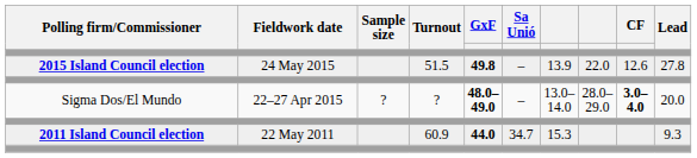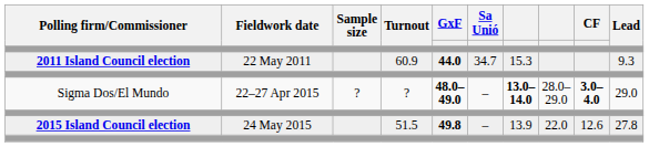 <table class="wikitable collapsible collapsed" style="text-align:center; font-size:95%; line-height:16px;">
 <tr style="height:42px;">
 <th style="width:250px;" rowspan="2">Polling firm/Commissioner</th>
 <th style="width:125px;" rowspan="2">Fieldwork date</th>
 <th style="width:50px;" rowspan="2">Sample size</th>
 <th style="width:45px;" rowspan="2">Turnout</th>
 <th style="width:35px;"><a href='#'>GxF</a></th>
 <th style="width:35px;"><a href='#'>Sa<br>Unió</a></th>
 <th style="width:35px;"></th>
 <th style="width:35px;"></th>
 <th style="width:35px;">CF</th>
 <th style="width:30px;" rowspan="2">Lead</th>
 </tr>
 <tr>
 <th style="color:inherit;background:"></th>
 <th style="color:inherit;background:"></th>
 <th style="color:inherit;background:"></th>
 <th style="color:inherit;background:"></th>
 <th style="color:inherit;background:"></th>
 </tr>
 <tr>
 <td colspan="10" style="background:#A0A0A0"></td>
 </tr>
 <tr style="background:#EFEFEF;">
+<td><strong><a href='#'>2011 Island Council election</a></strong></td>
+<td>22 May 2011</td>
+<td></td>
+<td>60.9</td>
+<td><strong>44.0</strong><br></td>
+<td>34.7<br></td>
+<td>15.3<br></td>
+<td></td>
+<td></td>
+<td style="background:">9.3</td>
+</tr>
+<tr>
+<td colspan="10" style="background:#A0A0A0"></td>
+</tr>
+<tr>
+<td>Sigma Dos/El Mundo</td>
+<td>22–27 Apr 2015</td>
+<td>?</td>
+<td>?</td>
+<td><strong>48.0–<br>49.0</strong><br></td>
+<td>–</td>
+<td><strong>13.0–<br>14.0<br></strong></td>
+<td>28.0–<br>29.0<br></td>
+<td><strong>3.0–<br>4.0<br></strong></td>
+<td style="background:">29.0</td>
+</tr>
+<tr>
+<td colspan="10" style="background:#A0A0A0"></td>
+</tr>
+<tr style="background:#EFEFEF;">
 <td><strong><a href='#'>2015 Island Council election</a></strong></td>
 <td>24 May 2015</td>
 <td></td>
 <td>51.5</td>
 <td><strong>49.8</strong><br></td>
 <td>–</td>
 <td>13.9<br></td>
 <td>22.0<br></td>
 <td>12.6<br></td>
 <td style="background:">27.8</td>
 </tr>
 <tr>
 <td colspan="10" style="background:#A0A0A0"></td>
 </tr>
-<tr>
-<td>Sigma Dos/El Mundo</td>
-<td>22–27 Apr 2015</td>
-<td>?</td>
-<td>?</td>
-<td><strong>48.0–<br>49.0</strong><br></td>
-<td>–</td>
-<td>13.0–<br>14.0<br></td>
-<td>28.0–<br>29.0<br></td>
-<td><strong>3.0–<br>4.0<br></strong></td>
-<td style="background:">20.0</td>
-</tr>
-<tr>
-<td colspan="10" style="background:#A0A0A0"></td>
-</tr>
-<tr style="background:#EFEFEF;">
-<td><strong><a href='#'>2011 Island Council election</a></strong></td>
-<td>22 May 2011</td>
-<td></td>
-<td>60.9</td>
-<td><strong>44.0</strong><br></td>
-<td>34.7<br></td>
-<td>15.3<br></td>
-<td></td>
-<td></td>
-<td style="background:">9.3</td>
-</tr>
-<tr>
-<td colspan="10" style="background:#A0A0A0"></td>
-</tr>
 </table>
